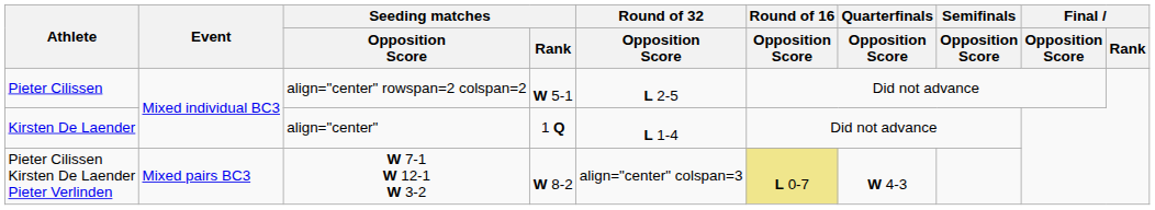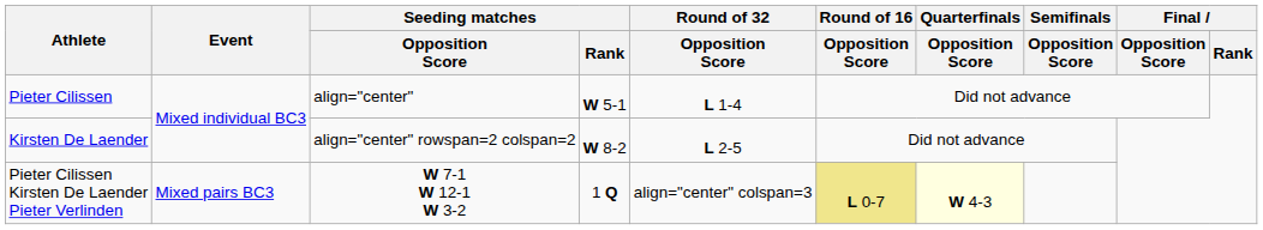 <table class=wikitable>
 <tr>
 <th rowspan="2">Athlete</th>
 <th rowspan="2">Event</th>
 <th colspan="2">Seeding matches</th>
 <th>Round of 32</th>
 <th>Round of 16</th>
 <th>Quarterfinals</th>
 <th>Semifinals</th>
 <th colspan="2">Final / </th>
 </tr>
 <tr>
 <th>Opposition<br>Score</th>
 <th>Rank</th>
 <th>Opposition<br>Score</th>
 <th>Opposition<br>Score</th>
 <th>Opposition<br>Score</th>
 <th>Opposition<br>Score</th>
 <th>Opposition<br>Score</th>
 <th>Rank</th>
 </tr>
 <tr>
 <td><a href='#'>Pieter Cilissen</a></td>
 <td rowspan="2"><a href='#'>Mixed individual BC3</a></td>
-<td>align="center" rowspan=2 colspan=2 </td>
+<td>align="center" </td>
 <td align="center"> <br> <strong>W</strong> 5-1</td>
-<td align="center"> <br> <strong>L</strong> 2-5</td>
+<td align="center"> <br> <strong>L</strong> 1-4</td>
 <td align="center" colspan=4>Did not advance</td>
 </tr>
 <tr>
 <td><a href='#'>Kirsten De Laender</a></td>
-<td>align="center" </td>
-<td align="center">1 <strong>Q</strong></td>
-<td align="center"> <br> <strong>L</strong> 1-4</td>
+<td>align="center" rowspan=2 colspan=2 </td>
+<td align="center"> <br> <strong>W</strong> 8-2</td>
+<td align="center"> <br> <strong>L</strong> 2-5</td>
 <td align="center" colspan=3>Did not advance</td>
 </tr>
 <tr>
 <td>Pieter Cilissen <br> Kirsten De Laender <br> <a href='#'>Pieter Verlinden</a></td>
 <td><a href='#'>Mixed pairs BC3</a></td>
 <td align="center"> <strong>W</strong> 7-1 <br>  <strong>W</strong> 12-1 <br>  <strong>W</strong> 3-2</td>
-<td align="center"> <br> <strong>W</strong> 8-2</td>
+<td align="center">1 <strong>Q</strong></td>
 <td>align="center" colspan=3 </td>
 <td align="center" style="background: khaki;"> <br> <strong>L</strong> 0-7</td>
-<td align="center"> <br> <strong>W</strong> 4-3</td>
+<td align="center" style="background: lightyellow;"> <br> <strong>W</strong> 4-3</td>
 <td align="center"></td>
 </tr>
 </table>
